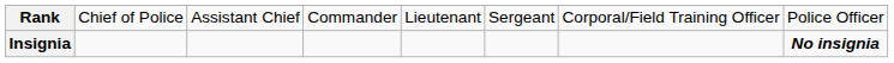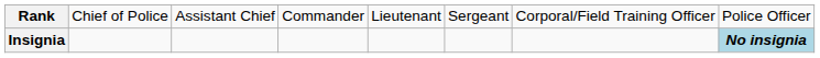 <table class="wikitable">
 <tr style="text-align:center;">
 <th>Rank</th>
 <td>Chief of Police</td>
 <td>Assistant Chief</td>
 <td>Commander</td>
 <td>Lieutenant</td>
 <td>Sergeant</td>
 <td>Corporal/Field Training Officer</td>
 <td>Police Officer</td>
 </tr>
 <tr style="text-align:center;">
 <th>Insignia</th>
 <td></td>
 <td></td>
 <td></td>
 <td></td>
 <td></td>
 <td></td>
-<td><strong><em>No insignia</em></strong></td>
+<td style="background: lightblue;"><strong><em>No insignia</em></strong></td>
 </tr>
 </table>
